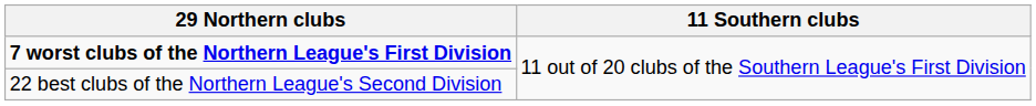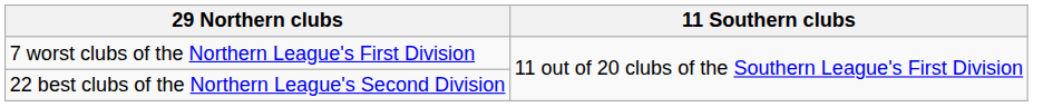 <table class="wikitable">
 <tr>
 <th>29 Northern clubs</th>
 <th>11 Southern clubs</th>
 </tr>
 <tr>
-<td><strong>7 worst clubs of the <a href='#'>Northern League's First Division</a></strong></td>
+<td>7 worst clubs of the <a href='#'>Northern League's First Division</a></td>
 <td rowspan=2>11 out of 20 clubs of the <a href='#'>Southern League's First Division</a></td>
 </tr>
 <tr>
 <td>22 best clubs of the <a href='#'>Northern League's Second Division</a></td>
 </tr>
 </table>
